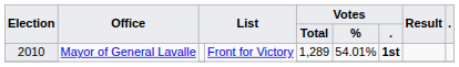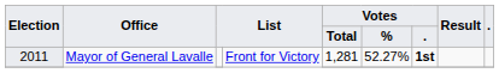 <table class="wikitable" style="font-size:90%; text-align:center;">
 <tr>
 <th style="background-color:#EAECF0;" rowspan=2>Election</th>
 <th style="background-color:#EAECF0;" rowspan=2>Office</th>
 <th style="background-color:#EAECF0;" colspan=2 rowspan=2>List</th>
 <th style="background-color:#EAECF0;" colspan=3>Votes</th>
 <th style="background-color:#EAECF0;" rowspan=2>Result</th>
 <th style="background-color:#EAECF0;" rowspan=2>.</th>
 </tr>
 <tr>
 <th style="background-color:#EAECF0;">Total</th>
 <th style="background-color:#EAECF0;">%</th>
 <th style="background-color:#EAECF0;">.</th>
 </tr>
 <tr>
-<td style="background-color:#EAECF0;">2010</td>
+<td style="background-color:#EAECF0;">2011</td>
 <td rowspan="2"><a href='#'>Mayor of General Lavalle</a></td>
 <td style="background-color:"></td>
 <td rowspan="2"><a href='#'>Front for Victory</a></td>
-<td>1,289</td>
-<td>54.01%</td>
+<td>1,281</td>
+<td>52.27%</td>
 <td><strong>1st</strong></td>
 <td></td>
 <td></td>
 </tr>
 <tr>
 </tr>
 </table>
